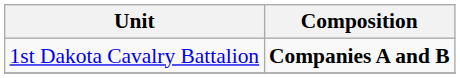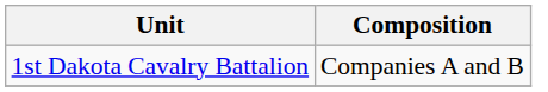 <table class="wikitable">
 <tr>
 <th>Unit</th>
 <th>Composition</th>
 </tr>
 <tr>
 <td><a href='#'>1st Dakota Cavalry Battalion</a></td>
-<td><strong>Companies A and B</strong></td>
+<td>Companies A and B</td>
 </tr>
 <tr>
 </tr>
 </table>
